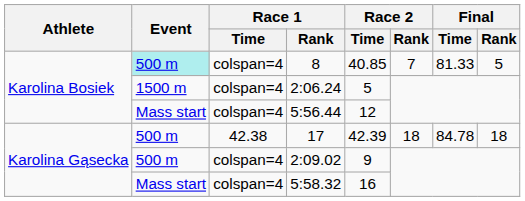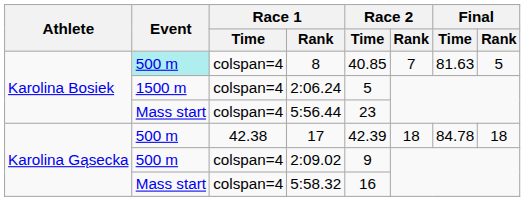 <table class="wikitable" style="font-size:90%">
 <tr>
 <th rowspan=2>Athlete</th>
 <th rowspan=2>Event</th>
 <th colspan=2>Race 1</th>
 <th colspan=2>Race 2</th>
 <th colspan=2>Final</th>
 </tr>
 <tr style="font-size:95%">
 <th>Time</th>
 <th>Rank</th>
 <th>Time</th>
 <th>Rank</th>
 <th>Time</th>
 <th>Rank</th>
 </tr>
 <tr align=center>
 <td align=left rowspan=3><a href='#'>Karolina Bosiek</a></td>
 <td align=left style="background: paleturquoise;"><a href='#'>500 m</a></td>
 <td>colspan=4 </td>
 <td>8</td>
 <td>40.85</td>
 <td>7</td>
-<td>81.33</td>
+<td>81.63</td>
 <td>5</td>
 </tr>
 <tr align=center>
 <td align=left><a href='#'>1500 m</a></td>
 <td>colspan=4 </td>
 <td>2:06.24</td>
 <td>5</td>
 </tr>
 <tr align=center>
 <td align=left><a href='#'>Mass start</a></td>
 <td>colspan=4 </td>
 <td>5:56.44</td>
-<td>12</td>
+<td>23</td>
 </tr>
 <tr align=center>
 <td align=left rowspan=3><a href='#'>Karolina Gąsecka</a></td>
 <td align=left><a href='#'>500 m</a></td>
 <td>42.38</td>
 <td>17</td>
 <td>42.39</td>
 <td>18</td>
 <td>84.78</td>
 <td>18</td>
 </tr>
 <tr align=center>
 <td align=left><a href='#'>500 m</a></td>
 <td>colspan=4 </td>
 <td>2:09.02</td>
 <td>9</td>
 </tr>
 <tr align=center>
 <td align=left><a href='#'>Mass start</a></td>
 <td>colspan=4 </td>
 <td>5:58.32</td>
 <td>16</td>
 </tr>
 </table>
